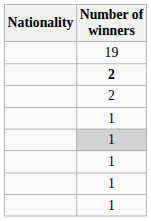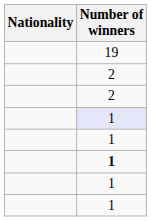 <table class="wikitable sortable">
 <tr>
 <th>Nationality</th>
 <th>Number of<br>winners</th>
 </tr>
 <tr>
 <td></td>
 <td align=center>19</td>
 </tr>
 <tr>
 <td></td>
-<td align=center><strong>2</strong></td>
+<td align=center>2</td>
 </tr>
 <tr>
 <td></td>
 <td align=center>2</td>
 </tr>
 <tr>
 <td></td>
+<td align=center style="background: lavender;">1</td>
+</tr>
+<tr>
+<td></td>
 <td align=center>1</td>
 </tr>
 <tr>
 <td></td>
-<td align=center style="background: lightgrey;">1</td>
-</tr>
-<tr>
-<td></td>
-<td align=center>1</td>
+<td align=center><strong>1</strong></td>
 </tr>
 <tr>
 <td></td>
 <td align=center>1</td>
 </tr>
 <tr>
 <td></td>
 <td align=center>1</td>
 </tr>
 </table>
